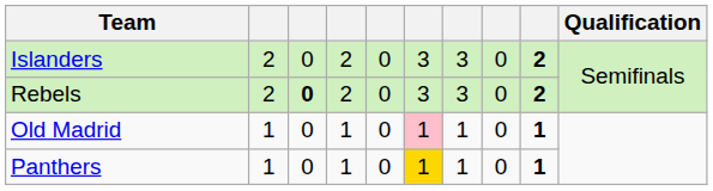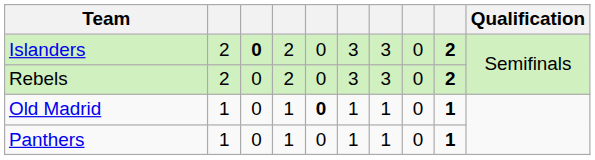 <table class="wikitable" style="text-align: center;">
 <tr>
 <th style="width:165px;">Team</th>
 <th width="20"></th>
 <th width="20"></th>
 <th width="20"></th>
 <th width="20"></th>
 <th width="20"></th>
 <th width="20"></th>
 <th width="20"></th>
 <th width="20"></th>
 <th>Qualification</th>
 </tr>
 <tr style="background:#D0F0C0;">
 <td align=left><a href='#'>Islanders</a></td>
 <td>2</td>
-<td>0</td>
+<td><strong>0</strong></td>
 <td>2</td>
 <td>0</td>
 <td>3</td>
 <td>3</td>
 <td>0</td>
 <td><strong>2</strong></td>
 <td rowspan="2">Semifinals</td>
 </tr>
 <tr style="background:#D0F0C0;">
 <td align=left>Rebels</td>
 <td>2</td>
-<td><strong>0</strong></td>
+<td>0</td>
 <td>2</td>
 <td>0</td>
 <td>3</td>
 <td>3</td>
 <td>0</td>
 <td><strong>2</strong></td>
 </tr>
 <tr>
 <td align=left><a href='#'>Old Madrid</a></td>
 <td>1</td>
 <td>0</td>
 <td>1</td>
-<td>0</td>
-<td style="background: pink;">1</td>
+<td><strong>0</strong></td>
+<td>1</td>
 <td>1</td>
 <td>0</td>
 <td><strong>1</strong></td>
 </tr>
 <tr>
 <td align=left><a href='#'>Panthers</a></td>
 <td>1</td>
 <td>0</td>
 <td>1</td>
 <td>0</td>
-<td style="background: gold;">1</td>
+<td>1</td>
 <td>1</td>
 <td>0</td>
 <td><strong>1</strong></td>
 </tr>
 </table>
